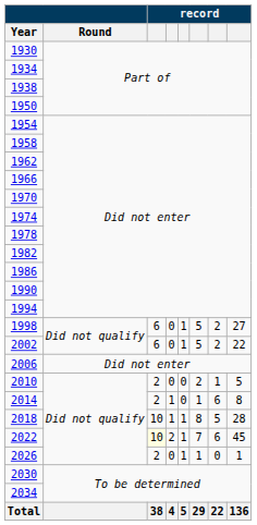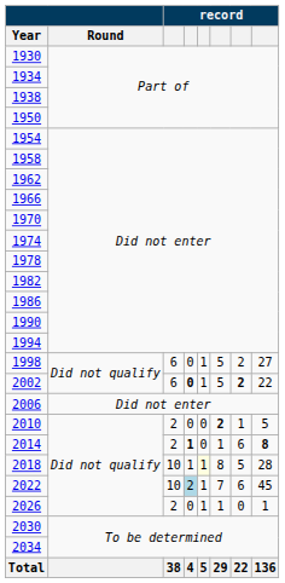 <table class="wikitable" style="text-align: center;font-size:90%;">
 <tr>
 <th colspan="2" style="background: #013A5E; color: #F4F5F8;"><a href='#'></a></th>
 <th colspan="6" style="background: #013A5E; color: #F4F5F8;"><a href='#'></a> record</th>
 </tr>
 <tr>
 <th>Year</th>
 <th>Round</th>
 <th></th>
 <th></th>
 <th></th>
 <th></th>
 <th></th>
 <th></th>
 </tr>
 <tr>
 <td> <a href='#'>1930</a></td>
 <td rowspan="4" colspan="7"><em>Part of </em></td>
 </tr>
 <tr>
 <td> <a href='#'>1934</a></td>
 </tr>
 <tr>
 <td> <a href='#'>1938</a></td>
 </tr>
 <tr>
 <td> <a href='#'>1950</a></td>
 </tr>
 <tr>
 <td> <a href='#'>1954</a></td>
 <td rowspan="11" colspan="7"><em>Did not enter</em></td>
 </tr>
 <tr>
 <td> <a href='#'>1958</a></td>
 </tr>
 <tr>
 <td> <a href='#'>1962</a></td>
 </tr>
 <tr>
 <td> <a href='#'>1966</a></td>
 </tr>
 <tr>
 <td> <a href='#'>1970</a></td>
 </tr>
 <tr>
 <td> <a href='#'>1974</a></td>
 </tr>
 <tr>
 <td> <a href='#'>1978</a></td>
 </tr>
 <tr>
 <td> <a href='#'>1982</a></td>
 </tr>
 <tr>
 <td> <a href='#'>1986</a></td>
 </tr>
 <tr>
 <td> <a href='#'>1990</a></td>
 </tr>
 <tr>
 <td> <a href='#'>1994</a></td>
 </tr>
 <tr>
 <td> <a href='#'>1998</a></td>
 <td rowspan="2"><em>Did not qualify</em></td>
 <td>6</td>
 <td>0</td>
 <td>1</td>
 <td>5</td>
 <td>2</td>
 <td>27</td>
 </tr>
 <tr>
 <td>  <a href='#'>2002</a></td>
 <td>6</td>
-<td>0</td>
+<td><strong>0</strong></td>
 <td>1</td>
 <td>5</td>
-<td>2</td>
+<td><strong>2</strong></td>
 <td>22</td>
 </tr>
 <tr>
 <td> <a href='#'>2006</a></td>
 <td colspan="7"><em>Did not enter</em></td>
 </tr>
 <tr>
 <td> <a href='#'>2010</a></td>
 <td rowspan="5"><em>Did not qualify</em></td>
 <td>2</td>
 <td>0</td>
 <td>0</td>
-<td>2</td>
+<td><strong>2</strong></td>
 <td>1</td>
 <td>5</td>
 </tr>
 <tr>
 <td> <a href='#'>2014</a></td>
 <td>2</td>
-<td>1</td>
+<td><strong>1</strong></td>
 <td>0</td>
 <td>1</td>
 <td>6</td>
-<td>8</td>
+<td><strong>8</strong></td>
 </tr>
 <tr>
 <td> <a href='#'>2018</a></td>
 <td>10</td>
 <td>1</td>
-<td>1</td>
+<td style="background: lightyellow;">1</td>
 <td>8</td>
 <td>5</td>
 <td>28</td>
 </tr>
 <tr>
 <td> <a href='#'>2022</a></td>
-<td style="background: lightyellow;">10</td>
-<td>2</td>
+<td>10</td>
+<td style="background: lightblue;">2</td>
 <td>1</td>
 <td>7</td>
 <td>6</td>
 <td>45</td>
 </tr>
 <tr>
 <td>   <a href='#'>2026</a></td>
 <td>2</td>
 <td>0</td>
 <td>1</td>
 <td>1</td>
 <td>0</td>
 <td>1</td>
 </tr>
 <tr>
 <td>   <a href='#'>2030</a></td>
 <td colspan="7" rowspan="2"><em>To be determined</em></td>
 </tr>
 <tr>
 <td> <a href='#'>2034</a></td>
 </tr>
 <tr>
 <th><strong>Total</strong></th>
 <th></th>
 <th><strong>38</strong></th>
 <th><strong>4</strong></th>
 <th><strong>5</strong></th>
 <th><strong>29</strong></th>
 <th><strong>22</strong></th>
 <th><strong>136</strong></th>
 </tr>
 </table>
